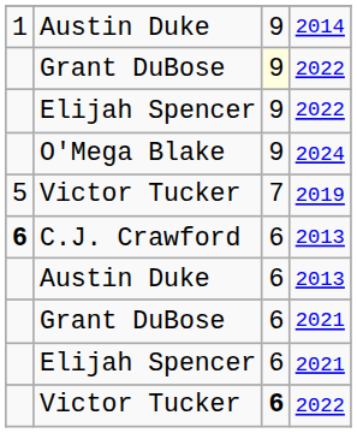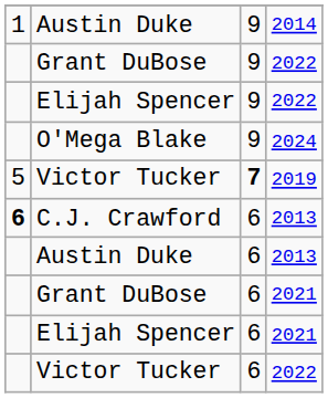 <table class="wikitable">
 <tr>
 </tr>
 <tr>
 <td>1</td>
 <td>Austin Duke</td>
 <td>9</td>
 <td style="font-size:80%;"><a href='#'>2014</a></td>
 </tr>
 <tr>
 <td></td>
 <td>Grant DuBose</td>
-<td style="background: lightyellow;">9</td>
+<td>9</td>
 <td style="font-size:80%;"><a href='#'>2022</a></td>
 </tr>
 <tr>
 <td></td>
 <td>Elijah Spencer</td>
 <td>9</td>
 <td style="font-size:80%;"><a href='#'>2022</a></td>
 </tr>
 <tr>
 <td></td>
 <td>O'Mega Blake</td>
 <td>9</td>
 <td style="font-size:80%;"><a href='#'>2024</a></td>
 </tr>
 <tr>
 <td>5</td>
 <td>Victor Tucker</td>
-<td>7</td>
+<td><strong>7</strong></td>
 <td style="font-size:80%;"><a href='#'>2019</a></td>
 </tr>
 <tr>
 <td><strong>6</strong></td>
 <td>C.J. Crawford</td>
 <td>6</td>
 <td style="font-size:80%;"><a href='#'>2013</a></td>
 </tr>
 <tr>
 <td></td>
 <td>Austin Duke</td>
 <td>6</td>
 <td style="font-size:80%;"><a href='#'>2013</a></td>
 </tr>
 <tr>
 <td></td>
 <td>Grant DuBose</td>
 <td>6</td>
 <td style="font-size:80%;"><a href='#'>2021</a></td>
 </tr>
 <tr>
 <td></td>
 <td>Elijah Spencer</td>
 <td>6</td>
 <td style="font-size:80%;"><a href='#'>2021</a></td>
 </tr>
 <tr>
 <td></td>
 <td>Victor Tucker</td>
-<td><strong>6</strong></td>
+<td>6</td>
 <td style="font-size:80%;"><a href='#'>2022</a></td>
 </tr>
 </table>
